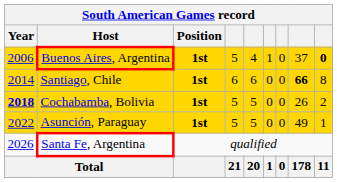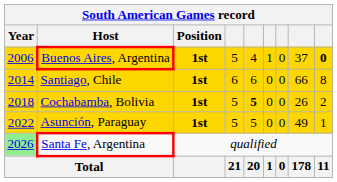 <table class="wikitable" style="text-align: center;">
 <tr>
 <th colspan=9><a href='#'>South American Games</a> record</th>
 </tr>
 <tr>
 <th>Year</th>
 <th>Host</th>
 <th>Position</th>
 <th></th>
 <th></th>
 <th></th>
 <th></th>
 <th></th>
 <th></th>
 </tr>
 <tr bgcolor=gold>
 <td><a href='#'>2006</a></td>
 <td align=left style="border: 3px solid red"> <a href='#'>Buenos Aires</a>, Argentina</td>
 <td><strong>1st</strong></td>
 <td>5</td>
 <td>4</td>
 <td>1</td>
 <td>0</td>
 <td>37</td>
 <td><strong>0</strong></td>
 </tr>
 <tr bgcolor=gold>
 <td><a href='#'>2014</a></td>
 <td align=left> <a href='#'>Santiago</a>, Chile</td>
 <td><strong>1st</strong></td>
 <td>6</td>
 <td>6</td>
 <td>0</td>
 <td>0</td>
-<td><strong>66</strong></td>
+<td>66</td>
 <td>8</td>
 </tr>
 <tr bgcolor=gold>
-<td><strong><a href='#'>2018</a></strong></td>
+<td><a href='#'>2018</a></td>
 <td align=left> <a href='#'>Cochabamba</a>, Bolivia</td>
 <td><strong>1st</strong></td>
 <td>5</td>
-<td>5</td>
+<td><strong>5</strong></td>
 <td>0</td>
 <td>0</td>
 <td>26</td>
 <td>2</td>
 </tr>
 <tr bgcolor=gold>
 <td><a href='#'>2022</a></td>
 <td align=left> <a href='#'>Asunción</a>, Paraguay</td>
 <td><strong>1st</strong></td>
 <td>5</td>
 <td>5</td>
 <td>0</td>
 <td>0</td>
 <td>49</td>
 <td>1</td>
 </tr>
 <tr>
-<td><a href='#'>2026</a></td>
+<td style="background: lightgreen;"><a href='#'>2026</a></td>
 <td align=left style="border: 3px solid red"> <a href='#'>Santa Fe</a>, Argentina</td>
 <td colspan=7><em>qualified</em></td>
 </tr>
 <tr>
 <th colspan=2>Total</th>
 <th></th>
 <th>21</th>
 <th>20</th>
 <th>1</th>
 <th>0</th>
 <th>178</th>
 <th>11</th>
 </tr>
 </table>
